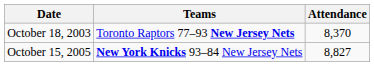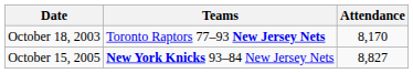 <table class="wikitable">
 <tr>
 <th>Date</th>
 <th>Teams</th>
 <th>Attendance</th>
 </tr>
 <tr>
 <td>October 18, 2003</td>
 <td><a href='#'>Toronto Raptors</a> 77–93 <strong><a href='#'>New Jersey Nets</a></strong></td>
-<td align=center>8,370</td>
+<td align=center>8,170</td>
 </tr>
 <tr>
 <td>October 15, 2005</td>
 <td><strong><a href='#'>New York Knicks</a></strong> 93–84 <a href='#'>New Jersey Nets</a></td>
 <td align=center>8,827</td>
 </tr>
 </table>
